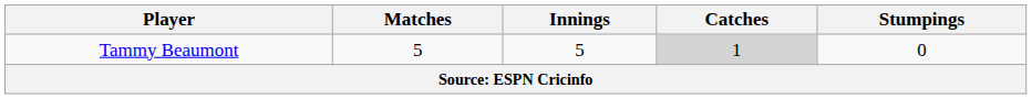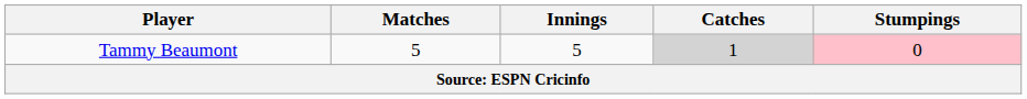 <table class="wikitable" style="text-align:center; width:55%;">
 <tr>
 <th>Player</th>
 <th>Matches</th>
 <th>Innings</th>
 <th>Catches</th>
 <th>Stumpings</th>
 </tr>
 <tr>
 <td><a href='#'>Tammy Beaumont</a></td>
 <td>5</td>
 <td>5</td>
 <td style="background: lightgrey;">1</td>
-<td>0</td>
+<td style="background: pink;">0</td>
 </tr>
 <tr>
 <th colspan="5"><small>Source: ESPN Cricinfo </small></th>
 </tr>
 </table>
